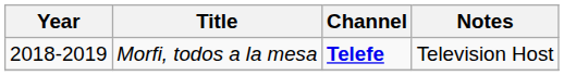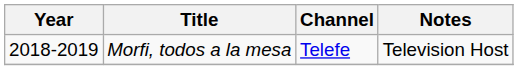 <table class="wikitable" style="font-size: 90%;">
 <tr>
 <th>Year</th>
 <th>Title</th>
 <th>Channel</th>
 <th>Notes</th>
 </tr>
 <tr>
 <td>2018-2019</td>
 <td><em>Morfi, todos a la mesa</em></td>
-<td><strong><a href='#'>Telefe</a></strong></td>
+<td><a href='#'>Telefe</a></td>
 <td>Television Host</td>
 </tr>
 <tr>
 </tr>
 </table>
